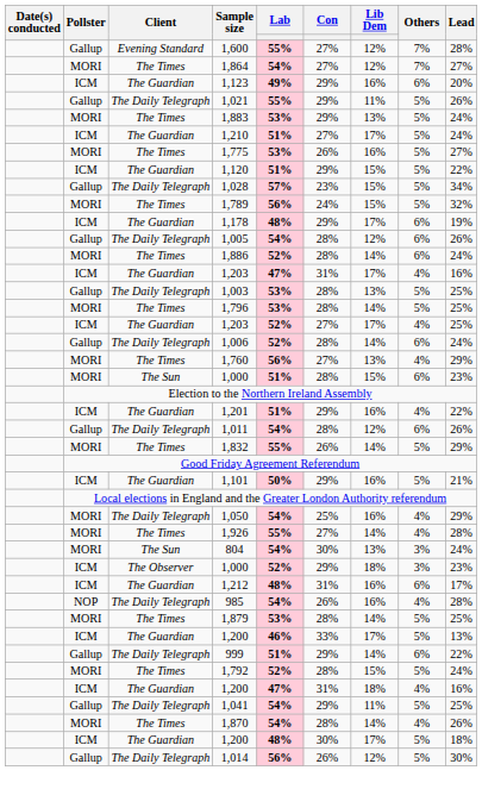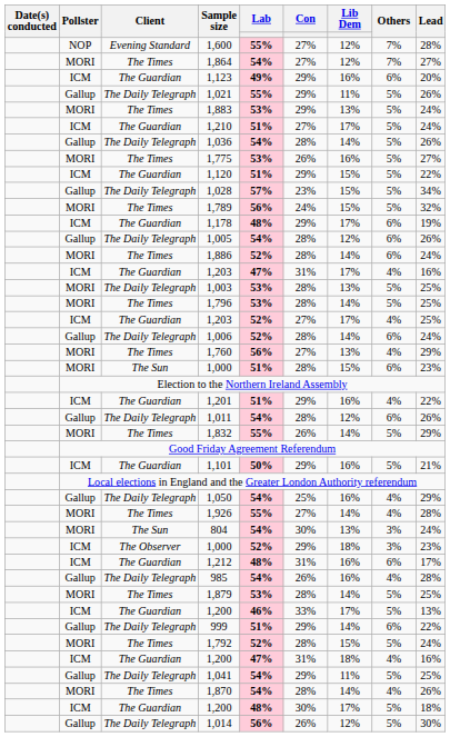 <table class="wikitable sortable mw-datatable" style="text-align:center;font-size:90%;line-height:14px;">
 <tr>
 <th rowspan="2">Date(s)<br>conducted</th>
 <th rowspan="2">Pollster</th>
 <th rowspan="2">Client</th>
 <th rowspan="2" data-sort-type="number">Sample<br>size</th>
 <th class="unsortable" style="width:50px;"><a href='#'>Lab</a></th>
 <th class="unsortable" style="width:50px;"><a href='#'>Con</a></th>
 <th class="unsortable" style="width:50px;"><a href='#'>Lib Dem</a></th>
 <th rowspan="2" class="unsortable" style="width:50px;">Others</th>
 <th rowspan="2" data-sort-type="number">Lead</th>
 </tr>
 <tr>
 <th data-sort-type="number" style="background:"></th>
 <th data-sort-type="number" style="background:"></th>
 <th data-sort-type="number" style="background:"></th>
 </tr>
 <tr>
 <td></td>
-<td>Gallup</td>
+<td>NOP</td>
 <td><em>Evening Standard</em></td>
 <td>1,600</td>
 <td style="background:#FFCCDA;"><strong>55%</strong></td>
 <td>27%</td>
 <td>12%</td>
 <td>7%</td>
 <td style="background:">28%</td>
 </tr>
 <tr>
 <td></td>
 <td>MORI</td>
 <td><em>The Times</em></td>
 <td>1,864</td>
 <td style="background:#FFCCDA;"><strong>54%</strong></td>
 <td>27%</td>
 <td>12%</td>
 <td>7%</td>
 <td style="background:">27%</td>
 </tr>
 <tr>
 <td></td>
 <td>ICM</td>
 <td><em>The Guardian</em></td>
 <td>1,123</td>
 <td style="background:#FFCCDA;"><strong>49%</strong></td>
 <td>29%</td>
 <td>16%</td>
 <td>6%</td>
 <td style="background:">20%</td>
 </tr>
 <tr>
 <td></td>
 <td>Gallup</td>
 <td><em>The Daily Telegraph</em></td>
 <td>1,021</td>
 <td style="background:#FFCCDA;"><strong>55%</strong></td>
 <td>29%</td>
 <td>11%</td>
 <td>5%</td>
 <td style="background:">26%</td>
 </tr>
 <tr>
 <td></td>
 <td>MORI</td>
 <td><em>The Times</em></td>
 <td>1,883</td>
 <td style="background:#FFCCDA;"><strong>53%</strong></td>
 <td>29%</td>
 <td>13%</td>
 <td>5%</td>
 <td style="background:">24%</td>
 </tr>
 <tr>
 <td></td>
 <td>ICM</td>
 <td><em>The Guardian</em></td>
 <td>1,210</td>
 <td style="background:#FFCCDA;"><strong>51%</strong></td>
 <td>27%</td>
 <td>17%</td>
 <td>5%</td>
 <td style="background:">24%</td>
+</tr>
+<tr>
+<td></td>
+<td>Gallup</td>
+<td><em>The Daily Telegraph</em></td>
+<td>1,036</td>
+<td style="background:#FFCCDA;"><strong>54%</strong></td>
+<td>28%</td>
+<td>14%</td>
+<td>5%</td>
+<td style="background:">26%</td>
 </tr>
 <tr>
 <td></td>
 <td>MORI</td>
 <td><em>The Times</em></td>
 <td>1,775</td>
 <td style="background:#FFCCDA;"><strong>53%</strong></td>
 <td>26%</td>
 <td>16%</td>
 <td>5%</td>
 <td style="background:">27%</td>
 </tr>
 <tr>
 <td></td>
 <td>ICM</td>
 <td><em>The Guardian</em></td>
 <td>1,120</td>
 <td style="background:#FFCCDA;"><strong>51%</strong></td>
 <td>29%</td>
 <td>15%</td>
 <td>5%</td>
 <td style="background:">22%</td>
 </tr>
 <tr>
 <td></td>
 <td>Gallup</td>
 <td><em>The Daily Telegraph</em></td>
 <td>1,028</td>
 <td style="background:#FFCCDA;"><strong>57%</strong></td>
 <td>23%</td>
 <td>15%</td>
 <td>5%</td>
 <td style="background:">34%</td>
 </tr>
 <tr>
 <td></td>
 <td>MORI</td>
 <td><em>The Times</em></td>
 <td>1,789</td>
 <td style="background:#FFCCDA;"><strong>56%</strong></td>
 <td>24%</td>
 <td>15%</td>
 <td>5%</td>
 <td style="background:">32%</td>
 </tr>
 <tr>
 <td></td>
 <td>ICM</td>
 <td><em>The Guardian</em></td>
 <td>1,178</td>
 <td style="background:#FFCCDA;"><strong>48%</strong></td>
 <td>29%</td>
 <td>17%</td>
 <td>6%</td>
 <td style="background:">19%</td>
 </tr>
 <tr>
 <td></td>
 <td>Gallup</td>
 <td><em>The Daily Telegraph</em></td>
 <td>1,005</td>
 <td style="background:#FFCCDA;"><strong>54%</strong></td>
 <td>28%</td>
 <td>12%</td>
 <td>6%</td>
 <td style="background:">26%</td>
 </tr>
 <tr>
 <td></td>
 <td>MORI</td>
 <td><em>The Times</em></td>
 <td>1,886</td>
 <td style="background:#FFCCDA;"><strong>52%</strong></td>
 <td>28%</td>
 <td>14%</td>
 <td>6%</td>
 <td style="background:">24%</td>
 </tr>
 <tr>
 <td></td>
 <td>ICM</td>
 <td><em>The Guardian</em></td>
 <td>1,203</td>
 <td style="background:#FFCCDA;"><strong>47%</strong></td>
 <td>31%</td>
 <td>17%</td>
 <td>4%</td>
 <td style="background:">16%</td>
 </tr>
 <tr>
 <td></td>
-<td>Gallup</td>
+<td>MORI</td>
 <td><em>The Daily Telegraph</em></td>
 <td>1,003</td>
 <td style="background:#FFCCDA;"><strong>53%</strong></td>
 <td>28%</td>
 <td>13%</td>
 <td>5%</td>
 <td style="background:">25%</td>
 </tr>
 <tr>
 <td></td>
 <td>MORI</td>
 <td><em>The Times</em></td>
 <td>1,796</td>
 <td style="background:#FFCCDA;"><strong>53%</strong></td>
 <td>28%</td>
 <td>14%</td>
 <td>5%</td>
 <td style="background:">25%</td>
 </tr>
 <tr>
 <td></td>
 <td>ICM</td>
 <td><em>The Guardian</em></td>
 <td>1,203</td>
 <td style="background:#FFCCDA;"><strong>52%</strong></td>
 <td>27%</td>
 <td>17%</td>
 <td>4%</td>
 <td style="background:">25%</td>
 </tr>
 <tr>
 <td></td>
 <td>Gallup</td>
 <td><em>The Daily Telegraph</em></td>
 <td>1,006</td>
 <td style="background:#FFCCDA;"><strong>52%</strong></td>
 <td>28%</td>
 <td>14%</td>
 <td>6%</td>
 <td style="background:">24%</td>
 </tr>
 <tr>
 <td></td>
 <td>MORI</td>
 <td><em>The Times</em></td>
 <td>1,760</td>
 <td style="background:#FFCCDA;"><strong>56%</strong></td>
 <td>27%</td>
 <td>13%</td>
 <td>4%</td>
 <td style="background:">29%</td>
 </tr>
 <tr>
 <td></td>
 <td>MORI</td>
 <td><em>The Sun</em></td>
 <td>1,000</td>
 <td style="background:#FFCCDA;"><strong>51%</strong></td>
 <td>28%</td>
 <td>15%</td>
 <td>6%</td>
 <td style="background:">23%</td>
 </tr>
 <tr>
 <td></td>
 <td colspan=8>Election to the <a href='#'>Northern Ireland Assembly</a></td>
 </tr>
 <tr>
 <td></td>
 <td>ICM</td>
 <td><em>The Guardian</em></td>
 <td>1,201</td>
 <td style="background:#FFCCDA;"><strong>51%</strong></td>
 <td>29%</td>
 <td>16%</td>
 <td>4%</td>
 <td style="background:">22%</td>
 </tr>
 <tr>
 <td></td>
 <td>Gallup</td>
 <td><em>The Daily Telegraph</em></td>
 <td>1,011</td>
 <td style="background:#FFCCDA;"><strong>54%</strong></td>
 <td>28%</td>
 <td>12%</td>
 <td>6%</td>
 <td style="background:">26%</td>
 </tr>
 <tr>
 <td></td>
 <td>MORI</td>
 <td><em>The Times</em></td>
 <td>1,832</td>
 <td style="background:#FFCCDA;"><strong>55%</strong></td>
 <td>26%</td>
 <td>14%</td>
 <td>5%</td>
 <td style="background:">29%</td>
 </tr>
 <tr>
 <td></td>
 <td colspan=8><a href='#'>Good Friday Agreement Referendum</a></td>
 </tr>
 <tr>
 <td></td>
 <td>ICM</td>
 <td><em>The Guardian</em></td>
 <td>1,101</td>
 <td style="background:#FFCCDA;"><strong>50%</strong></td>
 <td>29%</td>
 <td>16%</td>
 <td>5%</td>
 <td style="background:">21%</td>
 </tr>
 <tr>
 <td></td>
 <td colspan=8><a href='#'>Local elections</a> in England and the <a href='#'>Greater London Authority referendum</a></td>
 </tr>
 <tr>
 <td></td>
-<td>MORI</td>
+<td>Gallup</td>
 <td><em>The Daily Telegraph</em></td>
 <td>1,050</td>
 <td style="background:#FFCCDA;"><strong>54%</strong></td>
 <td>25%</td>
 <td>16%</td>
 <td>4%</td>
 <td style="background:">29%</td>
 </tr>
 <tr>
 <td></td>
 <td>MORI</td>
 <td><em>The Times</em></td>
 <td>1,926</td>
 <td style="background:#FFCCDA;"><strong>55%</strong></td>
 <td>27%</td>
 <td>14%</td>
 <td>4%</td>
 <td style="background:">28%</td>
 </tr>
 <tr>
 <td></td>
 <td>MORI</td>
 <td><em>The Sun</em></td>
 <td>804</td>
 <td style="background:#FFCCDA;"><strong>54%</strong></td>
 <td>30%</td>
 <td>13%</td>
 <td>3%</td>
 <td style="background:">24%</td>
 </tr>
 <tr>
 <td></td>
 <td>ICM</td>
 <td><em>The Observer</em></td>
 <td>1,000</td>
 <td style="background:#FFCCDA;"><strong>52%</strong></td>
 <td>29%</td>
 <td>18%</td>
 <td>3%</td>
 <td style="background:">23%</td>
 </tr>
 <tr>
 <td></td>
 <td>ICM</td>
 <td><em>The Guardian</em></td>
 <td>1,212</td>
 <td style="background:#FFCCDA;"><strong>48%</strong></td>
 <td>31%</td>
 <td>16%</td>
 <td>6%</td>
 <td style="background:">17%</td>
 </tr>
 <tr>
 <td></td>
-<td>NOP</td>
+<td>Gallup</td>
 <td><em>The Daily Telegraph</em></td>
 <td>985</td>
 <td style="background:#FFCCDA;"><strong>54%</strong></td>
 <td>26%</td>
 <td>16%</td>
 <td>4%</td>
 <td style="background:">28%</td>
 </tr>
 <tr>
 <td></td>
 <td>MORI</td>
 <td><em>The Times</em></td>
 <td>1,879</td>
 <td style="background:#FFCCDA;"><strong>53%</strong></td>
 <td>28%</td>
 <td>14%</td>
 <td>5%</td>
 <td style="background:">25%</td>
 </tr>
 <tr>
 <td></td>
 <td>ICM</td>
 <td><em>The Guardian</em></td>
 <td>1,200</td>
 <td style="background:#FFCCDA;"><strong>46%</strong></td>
 <td>33%</td>
 <td>17%</td>
 <td>5%</td>
 <td style="background:">13%</td>
 </tr>
 <tr>
 <td></td>
 <td>Gallup</td>
 <td><em>The Daily Telegraph</em></td>
 <td>999</td>
 <td style="background:#FFCCDA;"><strong>51%</strong></td>
 <td>29%</td>
 <td>14%</td>
 <td>6%</td>
 <td style="background:">22%</td>
 </tr>
 <tr>
 <td></td>
 <td>MORI</td>
 <td><em>The Times</em></td>
 <td>1,792</td>
 <td style="background:#FFCCDA;"><strong>52%</strong></td>
 <td>28%</td>
 <td>15%</td>
 <td>5%</td>
 <td style="background:">24%</td>
 </tr>
 <tr>
 <td></td>
 <td>ICM</td>
 <td><em>The Guardian</em></td>
 <td>1,200</td>
 <td style="background:#FFCCDA;"><strong>47%</strong></td>
 <td>31%</td>
 <td>18%</td>
 <td>4%</td>
 <td style="background:">16%</td>
 </tr>
 <tr>
 <td></td>
 <td>Gallup</td>
 <td><em>The Daily Telegraph</em></td>
 <td>1,041</td>
 <td style="background:#FFCCDA;"><strong>54%</strong></td>
 <td>29%</td>
 <td>11%</td>
 <td>5%</td>
 <td style="background:">25%</td>
 </tr>
 <tr>
 <td></td>
 <td>MORI</td>
 <td><em>The Times</em></td>
 <td>1,870</td>
 <td style="background:#FFCCDA;"><strong>54%</strong></td>
 <td>28%</td>
 <td>14%</td>
 <td>4%</td>
 <td style="background:">26%</td>
 </tr>
 <tr>
 <td></td>
 <td>ICM</td>
 <td><em>The Guardian</em></td>
 <td>1,200</td>
 <td style="background:#FFCCDA;"><strong>48%</strong></td>
 <td>30%</td>
 <td>17%</td>
 <td>5%</td>
 <td style="background:">18%</td>
 </tr>
 <tr>
 <td></td>
 <td>Gallup</td>
 <td><em>The Daily Telegraph</em></td>
 <td>1,014</td>
 <td style="background:#FFCCDA;"><strong>56%</strong></td>
 <td>26%</td>
 <td>12%</td>
 <td>5%</td>
 <td style="background:">30%</td>
 </tr>
 </table>
